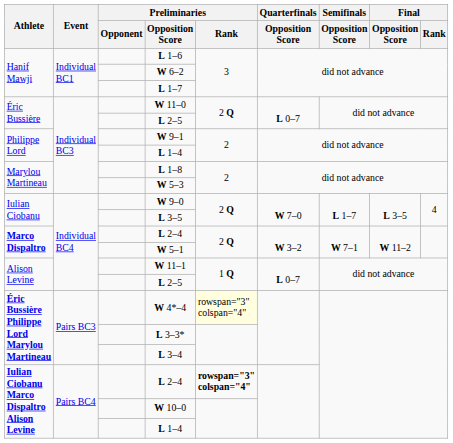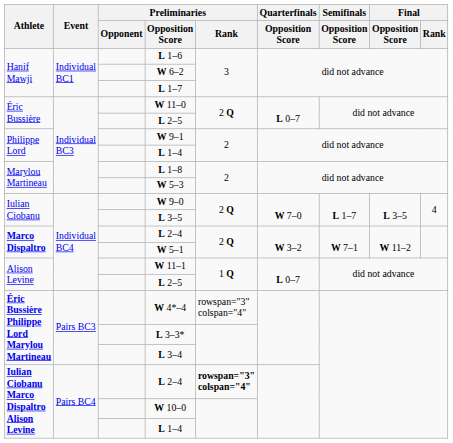 <table class=wikitable style="font-size:90%">
 <tr>
 <th rowspan="2">Athlete</th>
 <th rowspan="2">Event</th>
 <th colspan="3">Preliminaries</th>
 <th>Quarterfinals</th>
 <th>Semifinals</th>
 <th colspan="2">Final</th>
 </tr>
 <tr>
 <th>Opponent</th>
 <th>Opposition<br>Score</th>
 <th>Rank</th>
 <th>Opposition<br>Score</th>
 <th>Opposition<br>Score</th>
 <th>Opposition<br>Score</th>
 <th>Rank</th>
 </tr>
 <tr>
 <td rowspan="3"><a href='#'>Hanif Mawji</a></td>
 <td rowspan="3"><a href='#'>Individual BC1</a></td>
 <td align="left"></td>
 <td align="center"><strong>L</strong> 1–6</td>
 <td align="center" rowspan="3">3</td>
 <td align="center" rowspan="3" colspan="4">did not advance</td>
 </tr>
 <tr>
 <td align="left"></td>
 <td align="center"><strong>W</strong> 6–2</td>
 </tr>
 <tr>
 <td align="left"></td>
 <td align="center"><strong>L</strong> 1–7</td>
 </tr>
 <tr>
 <td rowspan="2"><a href='#'>Éric Bussière</a></td>
 <td rowspan="6"><a href='#'>Individual BC3</a></td>
 <td align="left"></td>
 <td align="center"><strong>W</strong> 11–0</td>
 <td align="center" rowspan="2">2 <strong>Q</strong></td>
 <td align="center" rowspan="2"><br><strong>L</strong> 0–7</td>
 <td align="center" rowspan="2" colspan=3>did not advance</td>
 </tr>
 <tr>
 <td align="left"></td>
 <td align="center"><strong>L</strong> 2–5</td>
 </tr>
 <tr>
 <td rowspan="2"><a href='#'>Philippe Lord</a></td>
 <td align="left"></td>
 <td align="center"><strong>W</strong> 9–1</td>
 <td align="center" rowspan="2">2</td>
 <td align="center" rowspan="2" colspan="4">did not advance</td>
 </tr>
 <tr>
 <td align="left"></td>
 <td align="center"><strong>L</strong> 1–4</td>
 </tr>
 <tr>
 <td rowspan="2"><a href='#'>Marylou Martineau</a></td>
 <td align="left"></td>
 <td align="center"><strong>L</strong> 1–8</td>
 <td align="center" rowspan="2">2</td>
 <td align="center" rowspan="2" colspan="4">did not advance</td>
 </tr>
 <tr>
 <td align="left"></td>
 <td align="center"><strong>W</strong> 5–3</td>
 </tr>
 <tr>
 <td rowspan="2"><a href='#'>Iulian Ciobanu</a></td>
 <td rowspan="6"><a href='#'>Individual BC4</a></td>
 <td align="left"></td>
 <td align="center"><strong>W</strong> 9–0</td>
 <td align="center" rowspan="2">2 <strong>Q</strong></td>
 <td align="center" rowspan="2"><br><strong>W</strong> 7–0</td>
 <td align="center" rowspan="2"><br><strong>L</strong> 1–7</td>
 <td align="center" rowspan="2"><br><strong>L</strong> 3–5</td>
 <td align="center" rowspan="2">4</td>
 </tr>
 <tr>
 <td align="left"></td>
 <td align="center"><strong>L</strong> 3–5</td>
 </tr>
 <tr>
 <td rowspan="2"><strong><a href='#'>Marco Dispaltro</a></strong></td>
 <td align="left"></td>
 <td align="center"><strong>L</strong> 2–4</td>
 <td align="center" rowspan="2">2 <strong>Q</strong></td>
 <td align="center" rowspan="2"><br><strong>W</strong> 3–2</td>
 <td align="center" rowspan="2"><br><strong>W</strong> 7–1</td>
 <td align="center" rowspan="2"><br><strong>W</strong> 11–2</td>
 <td align="center" rowspan="2"></td>
 </tr>
 <tr>
 <td align="left"></td>
 <td align="center"><strong>W</strong> 5–1</td>
 </tr>
 <tr>
 <td rowspan="2"><a href='#'>Alison Levine</a></td>
 <td align="left"></td>
 <td align="center"><strong>W</strong> 11–1</td>
 <td align="center" rowspan="2">1 <strong>Q</strong></td>
 <td align="center" rowspan="2"><br><strong>L</strong> 0–7</td>
 <td align="center" rowspan="2" colspan="3">did not advance</td>
 </tr>
 <tr>
 <td align="left"></td>
 <td align="center"><strong>L</strong> 2–5</td>
 </tr>
 <tr>
 <td rowspan="3"><strong><a href='#'>Éric Bussière</a></strong><br><strong><a href='#'>Philippe Lord</a></strong><br><strong><a href='#'>Marylou Martineau</a></strong></td>
 <td rowspan="3"><a href='#'>Pairs BC3</a></td>
 <td align="left"></td>
 <td align="center"><strong>W</strong> 4*–4</td>
-<td style="background: lightyellow;">rowspan="3" colspan="4" </td>
+<td>rowspan="3" colspan="4" </td>
 <td align="center" rowspan="3"></td>
 </tr>
 <tr>
 <td align="left"></td>
 <td align="center"><strong>L</strong> 3–3*</td>
 </tr>
 <tr>
 <td align="left"></td>
 <td align="center"><strong>L</strong> 3–4</td>
 </tr>
 <tr>
 <td rowspan="3"><strong><a href='#'>Iulian Ciobanu</a><br><a href='#'>Marco Dispaltro</a><br><a href='#'>Alison Levine</a></strong></td>
 <td rowspan="3"><a href='#'>Pairs BC4</a></td>
 <td align="left"></td>
 <td align="center"><strong>L</strong> 2–4</td>
 <td><strong>rowspan="3" colspan="4" </strong></td>
 <td align="center" rowspan="3"></td>
 </tr>
 <tr>
 <td align="left"></td>
 <td align="center"><strong>W</strong> 10–0</td>
 </tr>
 <tr>
 <td align="left"></td>
 <td align="center"><strong>L</strong> 1–4</td>
 </tr>
 </table>
